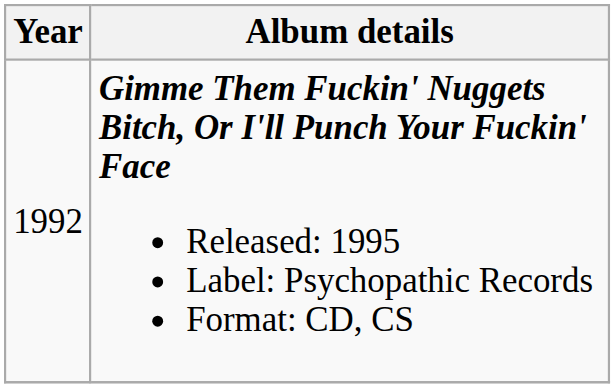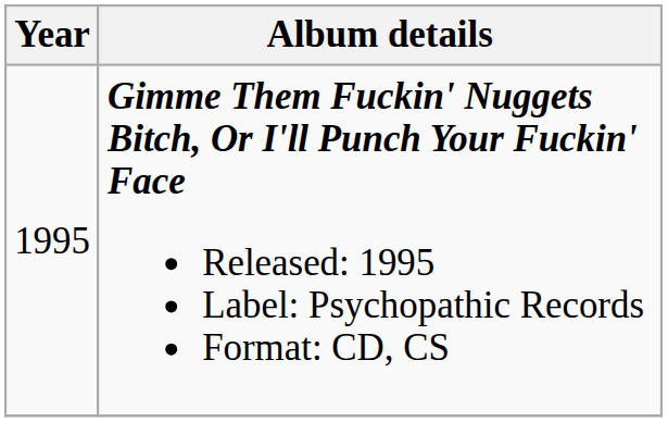 <table class="wikitable" style="text-align:center;">
 <tr>
 <th rowspan="1">Year</th>
 <th rowspan="1" width="230">Album details</th>
 </tr>
 <tr>
-<td>1992</td>
+<td>1995</td>
 <td align="left"><strong><em>Gimme Them Fuckin' Nuggets Bitch, Or I'll Punch Your Fuckin' Face</em></strong><br><ul><li>Released: 1995</li><li>Label: Psychopathic Records</li><li>Format: CD, CS</li></ul></td>
 </tr>
 <tr>
 </tr>
 </table>
